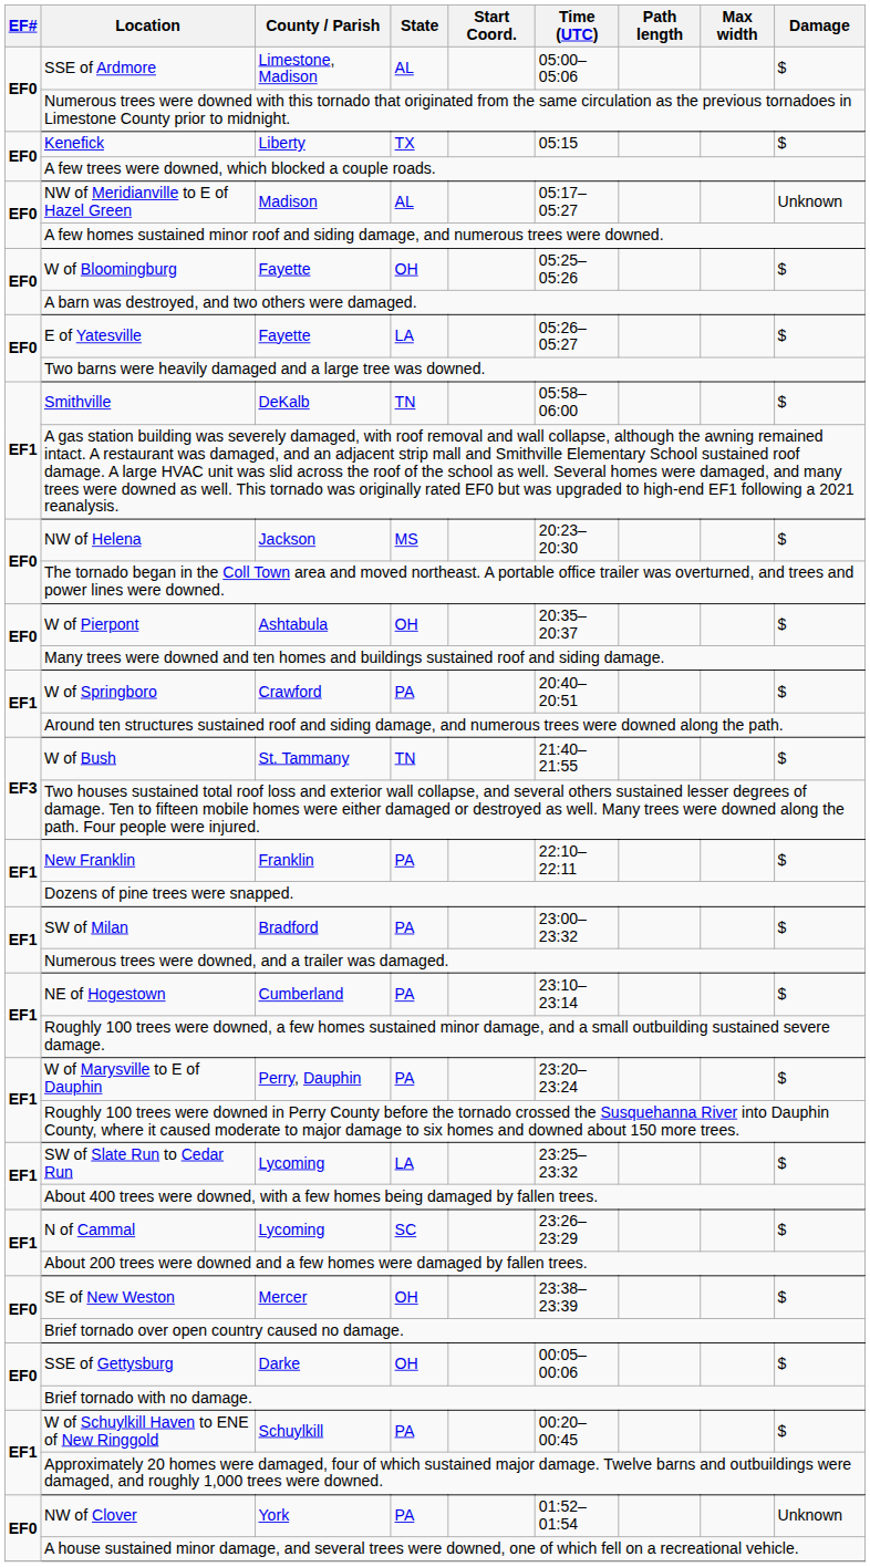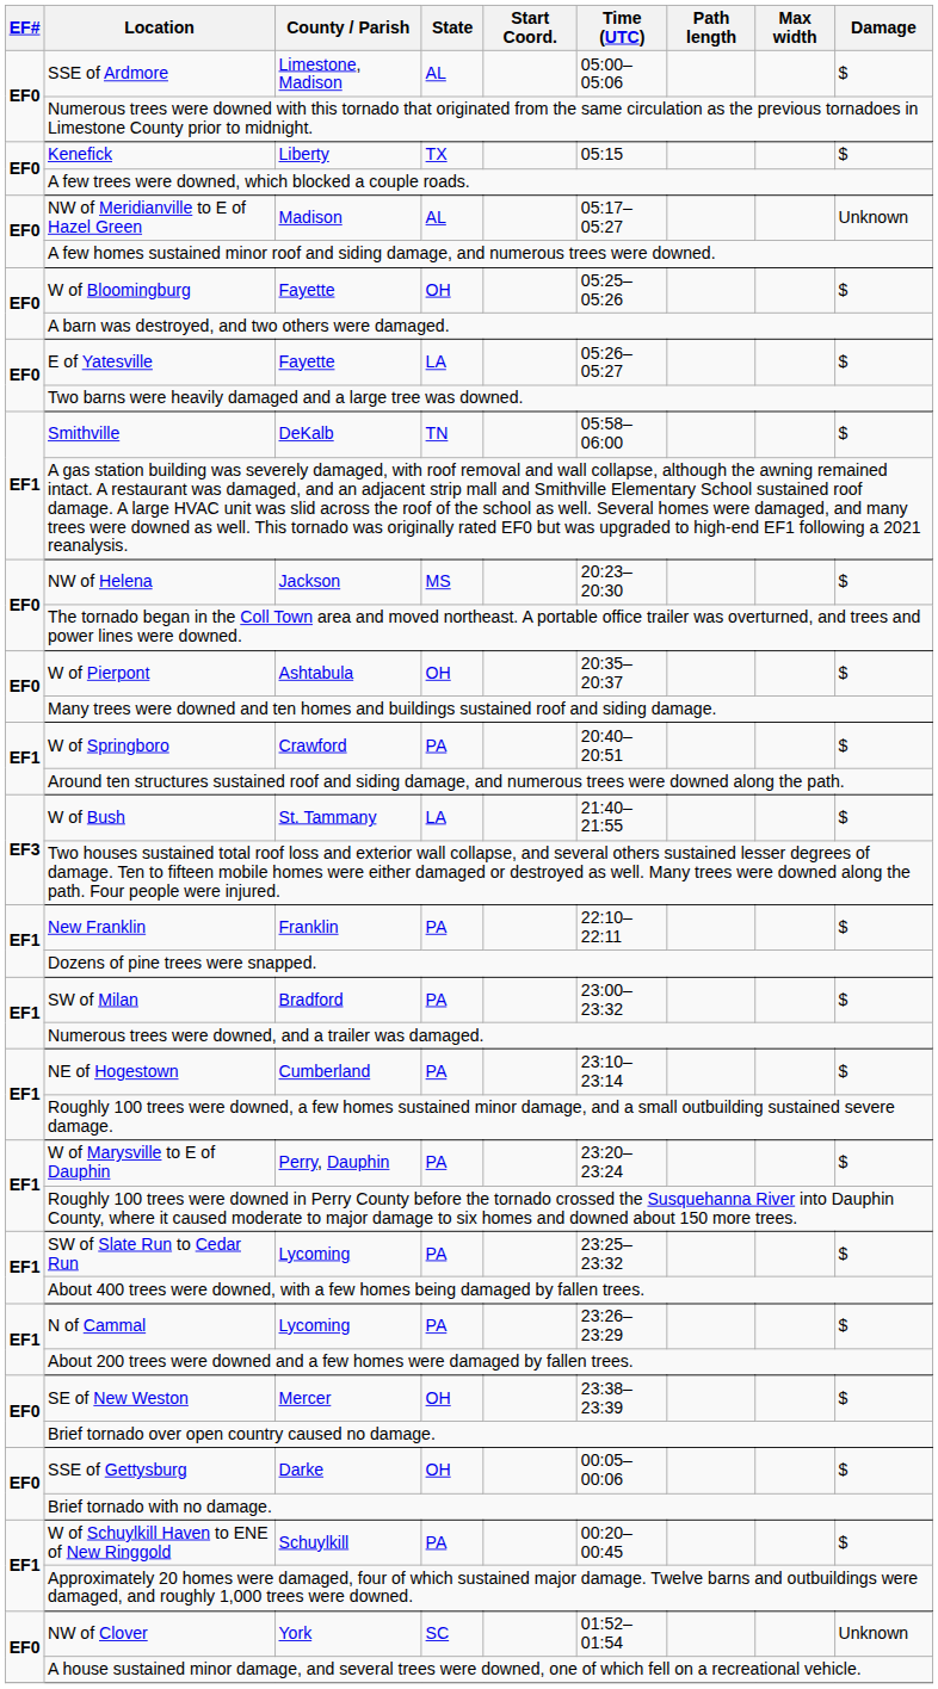 <table class="wikitable sortable" style="width:100%;">
 <tr>
 <th scope="col" width="2%" align="center"><a href='#'>EF#</a></th>
 <th scope="col" align="center" class="unsortable">Location</th>
 <th scope="col" align="center" class="unsortable">County / Parish</th>
 <th scope="col" align="center">State</th>
 <th scope="col" align="center" data-sort-type="number">Start Coord.</th>
 <th scope="col" align="center" data-sort-type="number">Time (<a href='#'>UTC</a>)</th>
 <th scope="col" align="center" data-sort-type="number">Path length</th>
 <th scope="col" align="center" data-sort-type="number">Max width</th>
 <th scope="col" align="center">Damage</th>
 </tr>
 <tr>
 <td rowspan="2" align="center"><strong>EF0</strong></td>
 <td>SSE of <a href='#'>Ardmore</a></td>
 <td><a href='#'>Limestone</a>, <a href='#'>Madison</a></td>
 <td><a href='#'>AL</a></td>
 <td></td>
 <td>05:00–05:06</td>
 <td></td>
 <td></td>
 <td>$</td>
 </tr>
 <tr class="expand-child">
 <td colspan="8" style=" border-bottom: 1px solid black;">Numerous trees were downed with this tornado that originated from the same circulation as the previous tornadoes in Limestone County prior to midnight.</td>
 </tr>
 <tr>
 <td rowspan="2" align="center"><strong>EF0</strong></td>
 <td><a href='#'>Kenefick</a></td>
 <td><a href='#'>Liberty</a></td>
 <td><a href='#'>TX</a></td>
 <td></td>
 <td>05:15</td>
 <td></td>
 <td></td>
 <td>$</td>
 </tr>
 <tr class="expand-child">
 <td colspan="8" style=" border-bottom: 1px solid black;">A few trees were downed, which blocked a couple roads.</td>
 </tr>
 <tr>
 <td rowspan="2" align="center"><strong>EF0</strong></td>
 <td>NW of <a href='#'>Meridianville</a> to E of <a href='#'>Hazel Green</a></td>
 <td><a href='#'>Madison</a></td>
 <td><a href='#'>AL</a></td>
 <td></td>
 <td>05:17–05:27</td>
 <td></td>
 <td></td>
 <td>Unknown</td>
 </tr>
 <tr class="expand-child">
 <td colspan="8" style=" border-bottom: 1px solid black;">A few homes sustained minor roof and siding damage, and numerous trees were downed.</td>
 </tr>
 <tr>
 <td rowspan="2" align="center"><strong>EF0</strong></td>
 <td>W of <a href='#'>Bloomingburg</a></td>
 <td><a href='#'>Fayette</a></td>
 <td><a href='#'>OH</a></td>
 <td></td>
 <td>05:25–05:26</td>
 <td></td>
 <td></td>
 <td>$</td>
 </tr>
 <tr class="expand-child">
 <td colspan="8" style=" border-bottom: 1px solid black;">A barn was destroyed, and two others were damaged.</td>
 </tr>
 <tr>
 <td rowspan="2" align="center"><strong>EF0</strong></td>
 <td>E of <a href='#'>Yatesville</a></td>
 <td><a href='#'>Fayette</a></td>
 <td><a href='#'>LA</a></td>
 <td></td>
 <td>05:26–05:27</td>
 <td></td>
 <td></td>
 <td>$</td>
 </tr>
 <tr class="expand-child">
 <td colspan="8" style=" border-bottom: 1px solid black;">Two barns were heavily damaged and a large tree was downed.</td>
 </tr>
 <tr>
 <td rowspan="2" align="center"><strong>EF1</strong></td>
 <td><a href='#'>Smithville</a></td>
 <td><a href='#'>DeKalb</a></td>
 <td><a href='#'>TN</a></td>
 <td></td>
 <td>05:58–06:00</td>
 <td></td>
 <td></td>
 <td>$</td>
 </tr>
 <tr class="expand-child">
 <td colspan="8" style=" border-bottom: 1px solid black;">A gas station building was severely damaged, with roof removal and wall collapse, although the awning remained intact. A restaurant was damaged, and an adjacent strip mall and Smithville Elementary School sustained roof damage. A large HVAC unit was slid across the roof of the school as well. Several homes were damaged, and many trees were downed as well. This tornado was originally rated EF0 but was upgraded to high-end EF1 following a 2021 reanalysis.</td>
 </tr>
 <tr>
 <td rowspan="2" align="center"><strong>EF0</strong></td>
 <td>NW of <a href='#'>Helena</a></td>
 <td><a href='#'>Jackson</a></td>
 <td><a href='#'>MS</a></td>
 <td></td>
 <td>20:23–20:30</td>
 <td></td>
 <td></td>
 <td>$</td>
 </tr>
 <tr class="expand-child">
 <td colspan="8" style=" border-bottom: 1px solid black;">The tornado began in the <a href='#'>Coll Town</a> area and moved northeast. A portable office trailer was overturned, and trees and power lines were downed.</td>
 </tr>
 <tr>
 <td rowspan="2" align="center"><strong>EF0</strong></td>
 <td>W of <a href='#'>Pierpont</a></td>
 <td><a href='#'>Ashtabula</a></td>
 <td><a href='#'>OH</a></td>
 <td></td>
 <td>20:35–20:37</td>
 <td></td>
 <td></td>
 <td>$</td>
 </tr>
 <tr class="expand-child">
 <td colspan="8" style=" border-bottom: 1px solid black;">Many trees were downed and ten homes and buildings sustained roof and siding damage.</td>
 </tr>
 <tr>
 <td rowspan="2" align="center"><strong>EF1</strong></td>
 <td>W of <a href='#'>Springboro</a></td>
 <td><a href='#'>Crawford</a></td>
 <td><a href='#'>PA</a></td>
 <td></td>
 <td>20:40–20:51</td>
 <td></td>
 <td></td>
 <td>$</td>
 </tr>
 <tr class="expand-child">
 <td colspan="8" style=" border-bottom: 1px solid black;">Around ten structures sustained roof and siding damage, and numerous trees were downed along the path.</td>
 </tr>
 <tr>
 <td rowspan="2" align="center"><strong>EF3</strong></td>
 <td>W of <a href='#'>Bush</a></td>
 <td><a href='#'>St. Tammany</a></td>
-<td><a href='#'>TN</a></td>
+<td><a href='#'>LA</a></td>
 <td></td>
 <td>21:40–21:55</td>
 <td></td>
 <td></td>
 <td>$</td>
 </tr>
 <tr class="expand-child">
 <td colspan="8" style=" border-bottom: 1px solid black;">Two houses sustained total roof loss and exterior wall collapse, and several others sustained lesser degrees of damage. Ten to fifteen mobile homes were either damaged or destroyed as well. Many trees were downed along the path. Four people were injured.</td>
 </tr>
 <tr>
 <td rowspan="2" align="center"><strong>EF1</strong></td>
 <td><a href='#'>New Franklin</a></td>
 <td><a href='#'>Franklin</a></td>
 <td><a href='#'>PA</a></td>
 <td></td>
 <td>22:10–22:11</td>
 <td></td>
 <td></td>
 <td>$</td>
 </tr>
 <tr class="expand-child">
 <td colspan="8" style=" border-bottom: 1px solid black;">Dozens of pine trees were snapped.</td>
 </tr>
 <tr>
 <td rowspan="2" align="center"><strong>EF1</strong></td>
 <td>SW of <a href='#'>Milan</a></td>
 <td><a href='#'>Bradford</a></td>
 <td><a href='#'>PA</a></td>
 <td></td>
 <td>23:00–23:32</td>
 <td></td>
 <td></td>
 <td>$</td>
 </tr>
 <tr class="expand-child">
 <td colspan="8" style=" border-bottom: 1px solid black;">Numerous trees were downed, and a trailer was damaged.</td>
 </tr>
 <tr>
 <td rowspan="2" align="center"><strong>EF1</strong></td>
 <td>NE of <a href='#'>Hogestown</a></td>
 <td><a href='#'>Cumberland</a></td>
 <td><a href='#'>PA</a></td>
 <td></td>
 <td>23:10–23:14</td>
 <td></td>
 <td></td>
 <td>$</td>
 </tr>
 <tr class="expand-child">
 <td colspan="8" style=" border-bottom: 1px solid black;">Roughly 100 trees were downed, a few homes sustained minor damage, and a small outbuilding sustained severe damage.</td>
 </tr>
 <tr>
 <td rowspan="2" align="center"><strong>EF1</strong></td>
 <td>W of <a href='#'>Marysville</a> to E of <a href='#'>Dauphin</a></td>
 <td><a href='#'>Perry</a>, <a href='#'>Dauphin</a></td>
 <td><a href='#'>PA</a></td>
 <td></td>
 <td>23:20–23:24</td>
 <td></td>
 <td></td>
 <td>$</td>
 </tr>
 <tr class="expand-child">
 <td colspan="8" style=" border-bottom: 1px solid black;">Roughly 100 trees were downed in Perry County before the tornado crossed the <a href='#'>Susquehanna River</a> into Dauphin County, where it caused moderate to major damage to six homes and downed about 150 more trees.</td>
 </tr>
 <tr>
 <td rowspan="2" align="center"><strong>EF1</strong></td>
 <td>SW of <a href='#'>Slate Run</a> to <a href='#'>Cedar Run</a></td>
 <td><a href='#'>Lycoming</a></td>
-<td><a href='#'>LA</a></td>
+<td><a href='#'>PA</a></td>
 <td></td>
 <td>23:25–23:32</td>
 <td></td>
 <td></td>
 <td>$</td>
 </tr>
 <tr class="expand-child">
 <td colspan="8" style=" border-bottom: 1px solid black;">About 400 trees were downed, with a few homes being damaged by fallen trees.</td>
 </tr>
 <tr>
 <td rowspan="2" align="center"><strong>EF1</strong></td>
 <td>N of <a href='#'>Cammal</a></td>
 <td><a href='#'>Lycoming</a></td>
-<td><a href='#'>SC</a></td>
+<td><a href='#'>PA</a></td>
 <td></td>
 <td>23:26–23:29</td>
 <td></td>
 <td></td>
 <td>$</td>
 </tr>
 <tr class="expand-child">
 <td colspan="8" style=" border-bottom: 1px solid black;">About 200 trees were downed and a few homes were damaged by fallen trees.</td>
 </tr>
 <tr>
 <td rowspan="2" align="center"><strong>EF0</strong></td>
 <td>SE of <a href='#'>New Weston</a></td>
 <td><a href='#'>Mercer</a></td>
 <td><a href='#'>OH</a></td>
 <td></td>
 <td>23:38–23:39</td>
 <td></td>
 <td></td>
 <td>$</td>
 </tr>
 <tr class="expand-child">
 <td colspan="8" style=" border-bottom: 1px solid black;">Brief tornado over open country caused no damage.</td>
 </tr>
 <tr>
 <td rowspan="2" align="center"><strong>EF0</strong></td>
 <td>SSE of <a href='#'>Gettysburg</a></td>
 <td><a href='#'>Darke</a></td>
 <td><a href='#'>OH</a></td>
 <td></td>
 <td>00:05–00:06</td>
 <td></td>
 <td></td>
 <td>$</td>
 </tr>
 <tr class="expand-child">
 <td colspan="8" style=" border-bottom: 1px solid black;">Brief tornado with no damage.</td>
 </tr>
 <tr>
 <td rowspan="2" align="center"><strong>EF1</strong></td>
 <td>W of <a href='#'>Schuylkill Haven</a> to ENE of <a href='#'>New Ringgold</a></td>
 <td><a href='#'>Schuylkill</a></td>
 <td><a href='#'>PA</a></td>
 <td></td>
 <td>00:20–00:45</td>
 <td></td>
 <td></td>
 <td>$</td>
 </tr>
 <tr class="expand-child">
 <td colspan="8" style=" border-bottom: 1px solid black;">Approximately 20 homes were damaged, four of which sustained major damage. Twelve barns and outbuildings were damaged, and roughly 1,000 trees were downed.</td>
 </tr>
 <tr>
 <td rowspan="2" align="center"><strong>EF0</strong></td>
 <td>NW of <a href='#'>Clover</a></td>
 <td><a href='#'>York</a></td>
-<td><a href='#'>PA</a></td>
+<td><a href='#'>SC</a></td>
 <td></td>
 <td>01:52–01:54</td>
 <td></td>
 <td></td>
 <td>Unknown</td>
 </tr>
 <tr class="expand-child">
 <td colspan="8" style=" border-bottom: 1px solid black;">A house sustained minor damage, and several trees were downed, one of which fell on a recreational vehicle.</td>
 </tr>
 <tr>
 </tr>
 </table>
